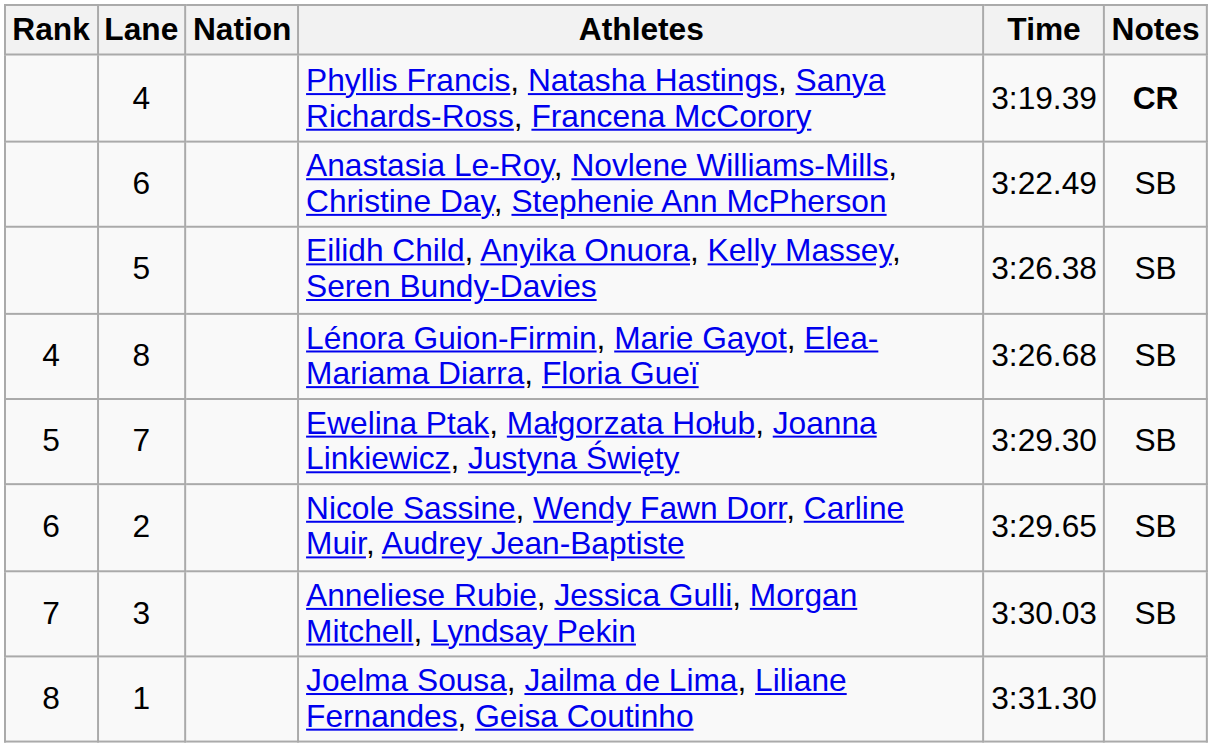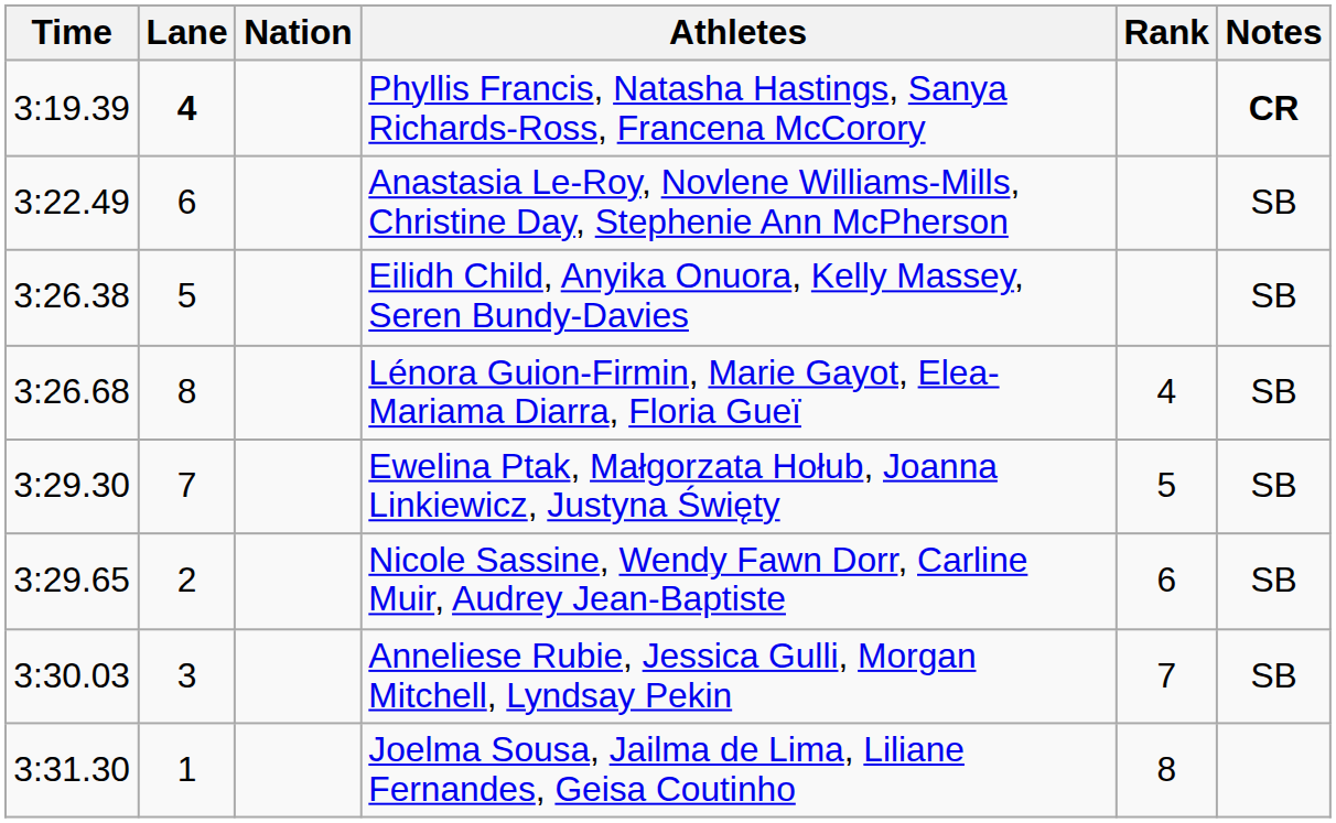 <table class="wikitable sortable" style="text-align:center">
 <tr>
-<th>Rank</th>
+<th>Time</th>
 <th>Lane</th>
 <th>Nation</th>
 <th>Athletes</th>
-<th>Time</th>
+<th>Rank</th>
 <th>Notes</th>
 </tr>
 <tr>
-<td></td>
-<td>4</td>
+<td>3:19.39</td>
+<td><strong>4</strong></td>
 <td align=left></td>
 <td align=left><a href='#'>Phyllis Francis</a>, <a href='#'>Natasha Hastings</a>, <a href='#'>Sanya Richards-Ross</a>, <a href='#'>Francena McCorory</a></td>
-<td>3:19.39</td>
+<td></td>
 <td><strong>CR</strong></td>
 </tr>
 <tr>
-<td></td>
+<td>3:22.49</td>
 <td>6</td>
 <td align=left></td>
 <td align=left><a href='#'>Anastasia Le-Roy</a>, <a href='#'>Novlene Williams-Mills</a>, <a href='#'>Christine Day</a>, <a href='#'>Stephenie Ann McPherson</a></td>
-<td>3:22.49</td>
+<td></td>
 <td>SB</td>
 </tr>
 <tr>
-<td></td>
+<td>3:26.38</td>
 <td>5</td>
 <td align=left></td>
 <td align=left><a href='#'>Eilidh Child</a>, <a href='#'>Anyika Onuora</a>, <a href='#'>Kelly Massey</a>, <a href='#'>Seren Bundy-Davies</a></td>
-<td>3:26.38</td>
+<td></td>
 <td>SB</td>
 </tr>
 <tr>
-<td>4</td>
+<td>3:26.68</td>
 <td>8</td>
 <td align=left></td>
 <td align=left><a href='#'>Lénora Guion-Firmin</a>, <a href='#'>Marie Gayot</a>, <a href='#'>Elea-Mariama Diarra</a>, <a href='#'>Floria Gueï</a></td>
-<td>3:26.68</td>
+<td>4</td>
 <td>SB</td>
 </tr>
 <tr>
-<td>5</td>
+<td>3:29.30</td>
 <td>7</td>
 <td align=left></td>
 <td align=left><a href='#'>Ewelina Ptak</a>, <a href='#'>Małgorzata Hołub</a>, <a href='#'>Joanna Linkiewicz</a>, <a href='#'>Justyna Święty</a></td>
-<td>3:29.30</td>
+<td>5</td>
 <td>SB</td>
 </tr>
 <tr>
-<td>6</td>
+<td>3:29.65</td>
 <td>2</td>
 <td align=left></td>
 <td align=left><a href='#'>Nicole Sassine</a>, <a href='#'>Wendy Fawn Dorr</a>, <a href='#'>Carline Muir</a>, <a href='#'>Audrey Jean-Baptiste</a></td>
-<td>3:29.65</td>
+<td>6</td>
 <td>SB</td>
 </tr>
 <tr>
-<td>7</td>
+<td>3:30.03</td>
 <td>3</td>
 <td align=left></td>
 <td align=left><a href='#'>Anneliese Rubie</a>, <a href='#'>Jessica Gulli</a>, <a href='#'>Morgan Mitchell</a>, <a href='#'>Lyndsay Pekin</a></td>
-<td>3:30.03</td>
+<td>7</td>
 <td>SB</td>
 </tr>
 <tr>
-<td>8</td>
+<td>3:31.30</td>
 <td>1</td>
 <td align=left></td>
 <td align=left><a href='#'>Joelma Sousa</a>, <a href='#'>Jailma de Lima</a>, <a href='#'>Liliane Fernandes</a>, <a href='#'>Geisa Coutinho</a></td>
-<td>3:31.30</td>
+<td>8</td>
 <td></td>
 </tr>
 </table>
